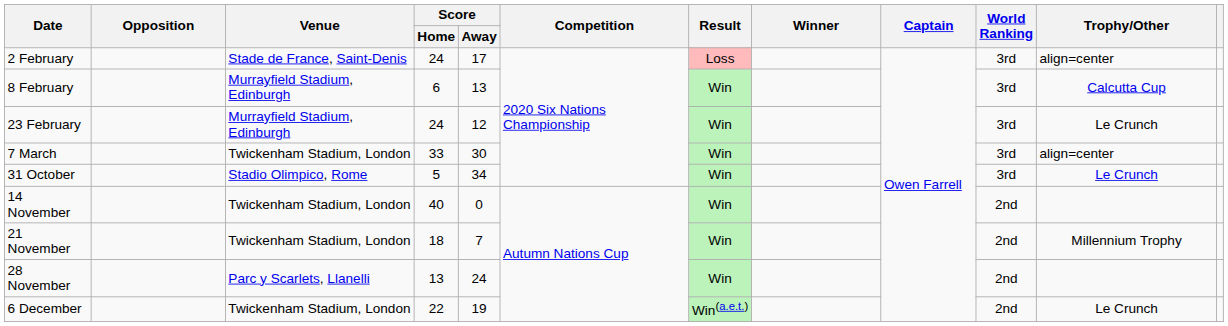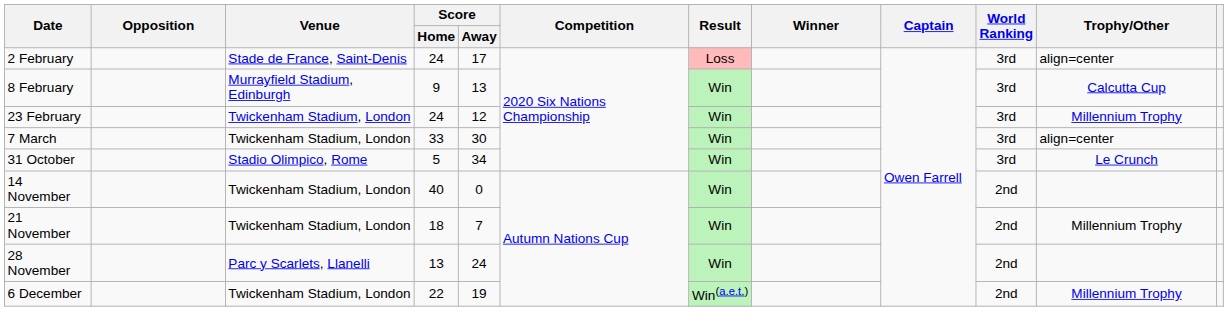 <table class="wikitable">
 <tr>
 <th rowspan=2 width="95">Date</th>
 <th rowspan=2 width="150">Opposition</th>
 <th rowspan=2 width="215">Venue</th>
 <th colspan=2>Score</th>
 <th rowspan=2 width="215">Competition</th>
 <th rowspan=2 width="55">Result</th>
 <th rowspan=2 width="145">Winner</th>
 <th rowspan=2 width="105"><a href='#'>Captain</a></th>
 <th rowspan=2 width="40"><a href='#'>World Ranking</a></th>
 <th rowspan=2 width="205">Trophy/Other </th>
 <th rowspan=2></th>
 </tr>
 <tr>
 <th width="35">Home</th>
 <th width="35">Away</th>
 </tr>
 <tr>
 <td>2 February</td>
 <td></td>
 <td><a href='#'>Stade de France</a>, <a href='#'>Saint-Denis</a></td>
 <td align=center>24</td>
 <td align=center>17</td>
 <td rowspan=5><a href='#'>2020 Six Nations Championship</a></td>
 <td align=center bgcolor=#FFBBBB>Loss</td>
 <td></td>
 <td rowspan=9><a href='#'>Owen Farrell</a></td>
 <td align=center>3rd</td>
 <td>align=center </td>
 <td align=center></td>
 </tr>
 <tr>
 <td>8 February</td>
 <td></td>
 <td><a href='#'>Murrayfield Stadium</a>, <a href='#'>Edinburgh</a></td>
-<td align=center>6</td>
+<td align=center>9</td>
 <td align=center>13</td>
 <td align=center bgcolor=#BBF3BB>Win</td>
 <td></td>
 <td align=center>3rd</td>
 <td align=center><a href='#'>Calcutta Cup</a></td>
 <td align=center></td>
 </tr>
 <tr>
 <td>23 February</td>
 <td></td>
-<td><a href='#'>Murrayfield Stadium</a>, <a href='#'>Edinburgh</a></td>
+<td><a href='#'>Twickenham Stadium</a>, <a href='#'>London</a></td>
 <td align=center>24</td>
 <td align=center>12</td>
 <td align=center bgcolor=#BBF3BB>Win</td>
 <td></td>
 <td align=center>3rd</td>
-<td align=center>Le Crunch</td>
+<td align=center><a href='#'>Millennium Trophy</a></td>
 <td align=center></td>
 </tr>
 <tr>
 <td>7 March</td>
 <td></td>
 <td>Twickenham Stadium, London</td>
 <td align=center>33</td>
 <td align=center>30</td>
 <td align=center bgcolor=#BBF3BB>Win</td>
 <td></td>
 <td align=center>3rd</td>
 <td>align=center </td>
 <td align=center></td>
 </tr>
 <tr>
 <td>31 October</td>
 <td></td>
 <td><a href='#'>Stadio Olimpico</a>, <a href='#'>Rome</a></td>
 <td align=center>5</td>
 <td align=center>34</td>
 <td align=center bgcolor=#BBF3BB>Win</td>
 <td></td>
 <td align=center>3rd</td>
 <td align=center><a href='#'>Le Crunch</a></td>
 <td align=center></td>
 </tr>
 <tr>
 <td>14 November</td>
 <td></td>
 <td>Twickenham Stadium, London</td>
 <td align=center>40</td>
 <td align=center>0</td>
 <td rowspan=4><a href='#'>Autumn Nations Cup</a></td>
 <td align=center bgcolor=#BBF3BB>Win</td>
 <td></td>
 <td align=center>2nd</td>
 <td></td>
 <td align=center></td>
 </tr>
 <tr>
 <td>21 November</td>
 <td></td>
 <td>Twickenham Stadium, London</td>
 <td align=center>18</td>
 <td align=center>7</td>
 <td align=center bgcolor=#BBF3BB>Win</td>
 <td></td>
 <td align=center>2nd</td>
 <td align=center>Millennium Trophy</td>
 <td align=center></td>
 </tr>
 <tr>
 <td>28 November</td>
 <td></td>
 <td><a href='#'>Parc y Scarlets</a>, <a href='#'>Llanelli</a></td>
 <td align=center>13</td>
 <td align=center>24</td>
 <td align=center bgcolor=#BBF3BB>Win</td>
 <td></td>
 <td align=center>2nd</td>
 <td></td>
 <td align=center></td>
 </tr>
 <tr>
 <td>6 December</td>
 <td></td>
 <td>Twickenham Stadium, London</td>
 <td align=center>22</td>
 <td align=center>19</td>
 <td align=center bgcolor=#BBF3BB>Win<sup>(<a href='#'>a.e.t.</a>)</sup></td>
 <td></td>
 <td align=center>2nd</td>
-<td align=center>Le Crunch</td>
+<td align=center><a href='#'>Millennium Trophy</a></td>
 <td align=center></td>
 </tr>
 </table>
